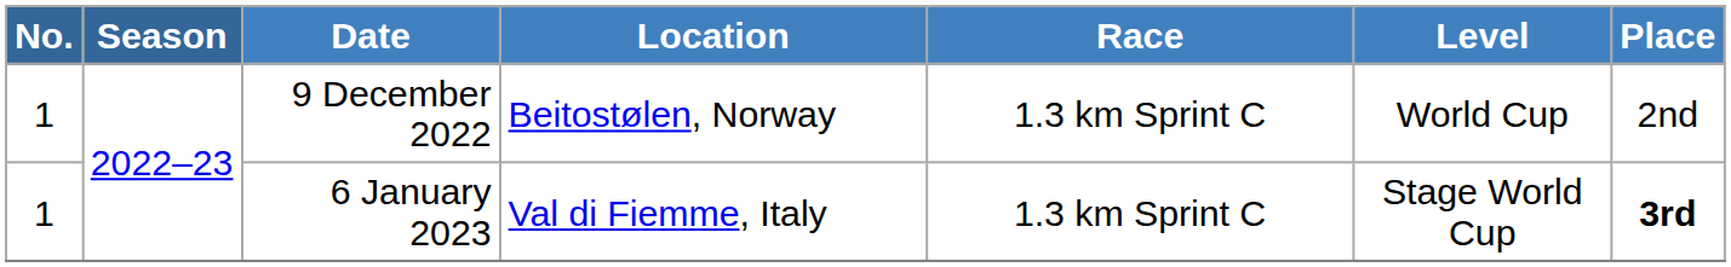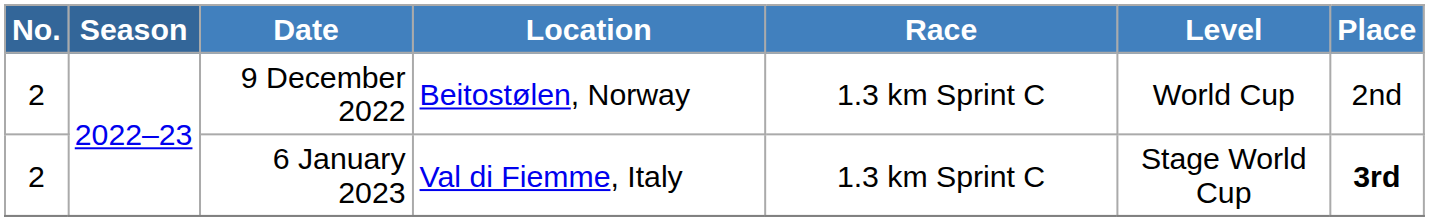 <table class="wikitable sortable" style="font-size:95%; text-align:center; border:grey solid 1px; border-collapse:collapse; background:#ffffff;">
 <tr style="background:#efefef;">
 <th style="background-color:#369; color:white;">No.</th>
 <th style="background-color:#369; color:white;">Season</th>
 <th style="background-color:#4180be; color:white; width:100px;">Date</th>
 <th style="background-color:#4180be; color:white; width:170px;">Location</th>
 <th style="background-color:#4180be; color:white; width:170px;">Race</th>
 <th style="background-color:#4180be; color:white; width:100px;">Level</th>
 <th style="background-color:#4180be; color:white;">Place</th>
 </tr>
 <tr>
-<td align=center>1</td>
+<td align=center>2</td>
 <td rowspan=2 align=center><a href='#'>2022–23</a></td>
 <td align=right>9 December 2022</td>
 <td align=left> <a href='#'>Beitostølen</a>, Norway</td>
 <td>1.3 km Sprint C</td>
 <td>World Cup</td>
 <td>2nd</td>
 </tr>
 <tr>
-<td align=center>1</td>
+<td align=center>2</td>
 <td align=right>6 January 2023</td>
 <td align=left> <a href='#'>Val di Fiemme</a>, Italy</td>
 <td>1.3 km Sprint C</td>
 <td>Stage World Cup</td>
 <td><strong>3rd</strong></td>
 </tr>
 <tr>
 </tr>
 </table>
